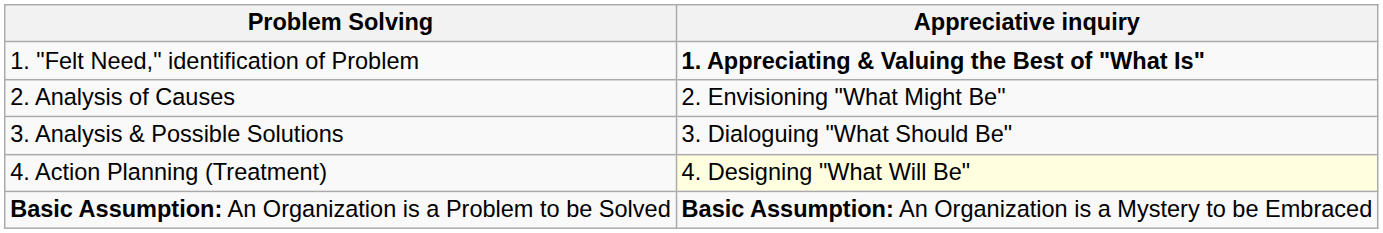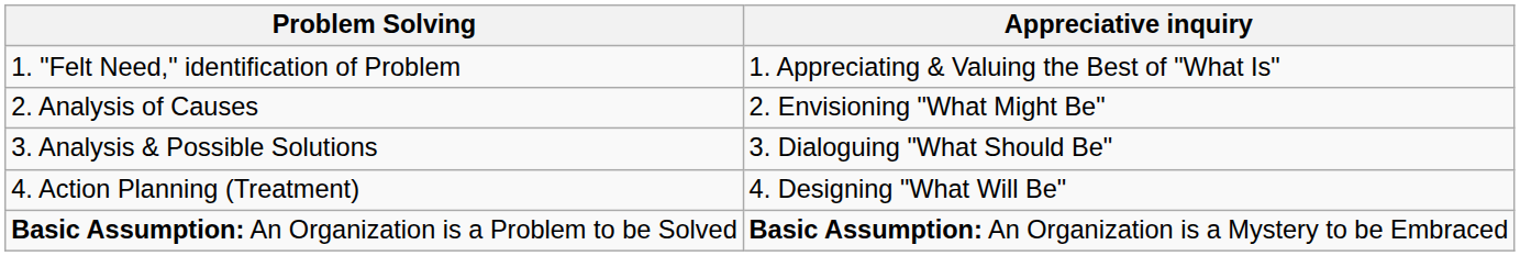 <table class="wikitable">
 <tr>
 <th>Problem Solving</th>
 <th>Appreciative inquiry</th>
 </tr>
 <tr>
 <td>1.   "Felt Need," identification of Problem</td>
-<td><strong>1.   Appreciating & Valuing the Best of "What Is"</strong></td>
+<td>1.   Appreciating & Valuing the Best of "What Is"</td>
 </tr>
 <tr>
 <td>2.   Analysis of Causes</td>
 <td>2.   Envisioning "What Might Be"</td>
 </tr>
 <tr>
 <td>3.   Analysis & Possible Solutions</td>
 <td>3.   Dialoguing "What Should Be"</td>
 </tr>
 <tr>
 <td>4.   Action Planning (Treatment)</td>
-<td style="background: lightyellow;">4. Designing "What Will Be"</td>
+<td>4. Designing "What Will Be"</td>
 </tr>
 <tr>
 <td><strong>Basic Assumption:</strong> An Organization is a Problem to be Solved</td>
 <td><strong>Basic Assumption:</strong> An Organization is a Mystery to be Embraced</td>
 </tr>
 </table>
